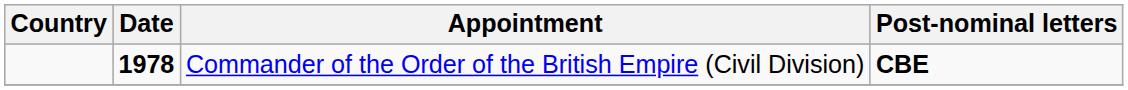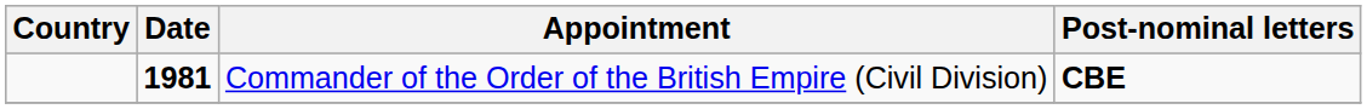 <table class="wikitable">
 <tr>
 <th>Country</th>
 <th>Date</th>
 <th>Appointment</th>
 <th>Post-nominal letters</th>
 </tr>
 <tr>
 <td></td>
-<td><strong>1978</strong></td>
+<td><strong>1981</strong></td>
 <td><a href='#'>Commander of the Order of the British Empire</a> (Civil Division)</td>
 <td><strong>CBE</strong></td>
 </tr>
 <tr>
 </tr>
 </table>
